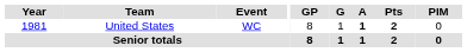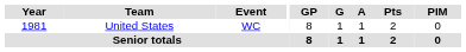 <table border="0" cellpadding="1" cellspacing="0" ID="Table3" style="text-align:center; width:40em">
 <tr bgcolor="#e0e0e0">
 <th>Year</th>
 <th>Team</th>
 <th>Event</th>
 <th rowspan="102" bgcolor="#ffffff"></th>
 <th>GP</th>
 <th>G</th>
 <th>A</th>
 <th>Pts</th>
 <th>PIM</th>
 </tr>
 <tr>
 <td><a href='#'>1981</a></td>
 <td><a href='#'>United States</a></td>
 <td><a href='#'>WC</a></td>
 <td>8</td>
 <td>1</td>
-<td><strong>1</strong></td>
-<td><strong>2</strong></td>
+<td>1</td>
+<td>2</td>
 <td>0</td>
 </tr>
 <tr bgcolor="#e0e0e0">
 <th colspan="4">Senior totals</th>
 <th>8</th>
 <th>1</th>
 <th>1</th>
 <th>2</th>
 <th>0</th>
 </tr>
 </table>
